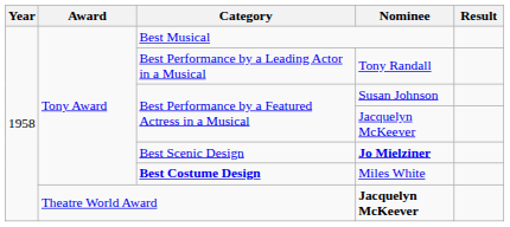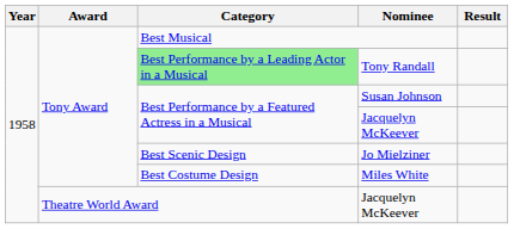 <table class="wikitable" width="95%">
 <tr>
 <th width="5%">Year</th>
 <th width="20%">Award</th>
 <th width="45%">Category</th>
 <th width="20%">Nominee</th>
 <th width="10%">Result</th>
 </tr>
 <tr>
 <td rowspan="7" align="center">1958</td>
 <td rowspan="6"><a href='#'>Tony Award</a></td>
 <td colspan="2"><a href='#'>Best Musical</a></td>
 <td></td>
 </tr>
 <tr>
-<td><a href='#'>Best Performance by a Leading Actor in a Musical</a></td>
+<td style="background: lightgreen;"><a href='#'>Best Performance by a Leading Actor in a Musical</a></td>
 <td><a href='#'>Tony Randall</a></td>
 <td></td>
 </tr>
 <tr>
 <td rowspan="2"><a href='#'>Best Performance by a Featured Actress in a Musical</a></td>
 <td><a href='#'>Susan Johnson</a></td>
 <td></td>
 </tr>
 <tr>
 <td><a href='#'> Jacquelyn McKeever</a></td>
 <td></td>
 </tr>
 <tr>
 <td><a href='#'>Best Scenic Design</a></td>
-<td><strong><a href='#'>Jo Mielziner</a></strong></td>
+<td><a href='#'>Jo Mielziner</a></td>
 <td></td>
 </tr>
 <tr>
-<td><strong><a href='#'>Best Costume Design</a></strong></td>
+<td><a href='#'>Best Costume Design</a></td>
 <td><a href='#'>Miles White</a></td>
 <td></td>
 </tr>
 <tr>
 <td colspan="2"><a href='#'>Theatre World Award</a></td>
-<td><strong>Jacquelyn McKeever</strong></td>
+<td>Jacquelyn McKeever</td>
 <td></td>
 </tr>
 </table>
